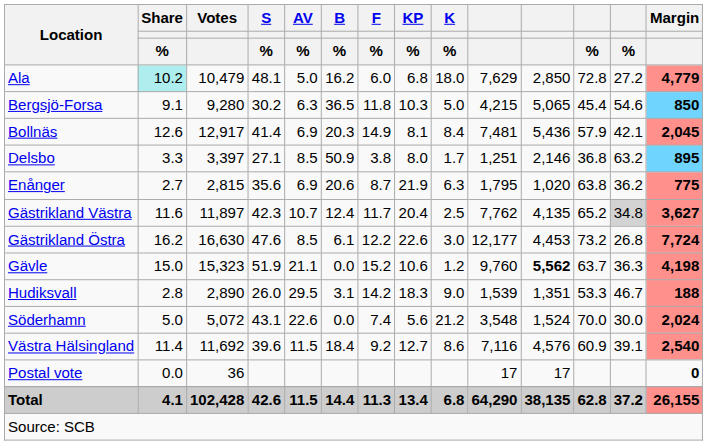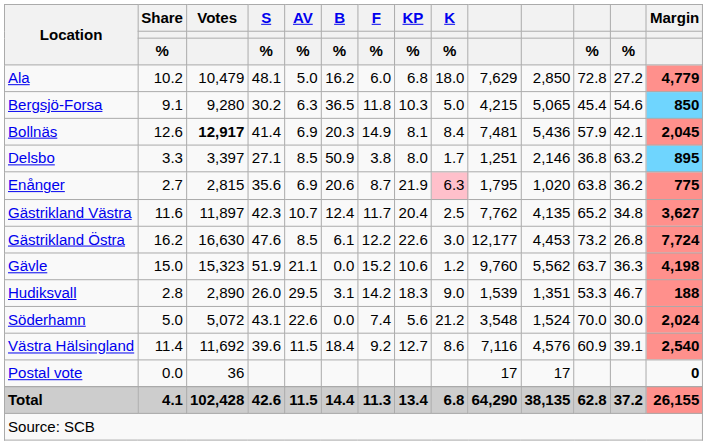 <table class="wikitable sortable" style="text-align:right; font-size:95%; line-height:20px;">
 <tr>
 <th rowspan="3">Location</th>
 <th>Share</th>
 <th>Votes</th>
 <th width="30px" class="unsortable"><a href='#'>S</a></th>
 <th width="30px" class="unsortable"><a href='#'>AV</a></th>
 <th width="30px" class="unsortable"><a href='#'>B</a></th>
 <th width="30px" class="unsortable"><a href='#'>F</a></th>
 <th width="30px" class="unsortable"><a href='#'>KP</a></th>
 <th width="30px" class="unsortable"><a href='#'>K</a></th>
 <th></th>
 <th></th>
 <th></th>
 <th></th>
 <th>Margin</th>
 </tr>
 <tr>
 <th></th>
 <th></th>
 <th style="background:"></th>
 <th style="background:"></th>
 <th style="background:"></th>
 <th style="background:"></th>
 <th style="background:"></th>
 <th style="background:"></th>
 <th style="background:"></th>
 <th style="background:"></th>
 <th style="background:"></th>
 <th style="background:"></th>
 <th></th>
 </tr>
 <tr>
 <th data-sort-type="number">%</th>
 <th></th>
 <th data-sort-type="number">%</th>
 <th data-sort-type="number">%</th>
 <th data-sort-type="number">%</th>
 <th data-sort-type="number">%</th>
 <th data-sort-type="number">%</th>
 <th data-sort-type="number">%</th>
 <th></th>
 <th></th>
 <th data-sort-type="number">%</th>
 <th data-sort-type="number">%</th>
 <th></th>
 </tr>
 <tr>
 <td align=left><a href='#'>Ala</a></td>
-<td style="background: paleturquoise;">10.2</td>
+<td>10.2</td>
 <td>10,479</td>
 <td>48.1</td>
 <td>5.0</td>
 <td>16.2</td>
 <td>6.0</td>
 <td>6.8</td>
 <td>18.0</td>
 <td>7,629</td>
 <td>2,850</td>
 <td>72.8</td>
 <td>27.2</td>
 <td bgcolor=#ff908c><strong>4,779</strong></td>
 </tr>
 <tr>
 <td align=left><a href='#'>Bergsjö-Forsa</a></td>
 <td>9.1</td>
 <td>9,280</td>
 <td>30.2</td>
 <td>6.3</td>
 <td>36.5</td>
 <td>11.8</td>
 <td>10.3</td>
 <td>5.0</td>
 <td>4,215</td>
 <td>5,065</td>
 <td>45.4</td>
 <td>54.6</td>
 <td bgcolor=#6fd5fe><strong>850</strong></td>
 </tr>
 <tr>
 <td align=left><a href='#'>Bollnäs</a></td>
 <td>12.6</td>
-<td>12,917</td>
+<td><strong>12,917</strong></td>
 <td>41.4</td>
 <td>6.9</td>
 <td>20.3</td>
 <td>14.9</td>
 <td>8.1</td>
 <td>8.4</td>
 <td>7,481</td>
 <td>5,436</td>
 <td>57.9</td>
 <td>42.1</td>
 <td bgcolor=#ff908c><strong>2,045</strong></td>
 </tr>
 <tr>
 <td align=left><a href='#'>Delsbo</a></td>
 <td>3.3</td>
 <td>3,397</td>
 <td>27.1</td>
 <td>8.5</td>
 <td>50.9</td>
 <td>3.8</td>
 <td>8.0</td>
 <td>1.7</td>
 <td>1,251</td>
 <td>2,146</td>
 <td>36.8</td>
 <td>63.2</td>
 <td bgcolor=#6fd5fe><strong>895</strong></td>
 </tr>
 <tr>
 <td align=left><a href='#'>Enånger</a></td>
 <td>2.7</td>
 <td>2,815</td>
 <td>35.6</td>
 <td>6.9</td>
 <td>20.6</td>
 <td>8.7</td>
 <td>21.9</td>
-<td>6.3</td>
+<td style="background: pink;">6.3</td>
 <td>1,795</td>
 <td>1,020</td>
 <td>63.8</td>
 <td>36.2</td>
 <td bgcolor=#ff908c><strong>775</strong></td>
 </tr>
 <tr>
 <td align=left><a href='#'>Gästrikland Västra</a></td>
 <td>11.6</td>
 <td>11,897</td>
 <td>42.3</td>
 <td>10.7</td>
 <td>12.4</td>
 <td>11.7</td>
 <td>20.4</td>
 <td>2.5</td>
 <td>7,762</td>
 <td>4,135</td>
 <td>65.2</td>
-<td style="background: lightgrey;">34.8</td>
+<td>34.8</td>
 <td bgcolor=#ff908c><strong>3,627</strong></td>
 </tr>
 <tr>
 <td align=left><a href='#'>Gästrikland Östra</a></td>
 <td>16.2</td>
 <td>16,630</td>
 <td>47.6</td>
 <td>8.5</td>
 <td>6.1</td>
 <td>12.2</td>
 <td>22.6</td>
 <td>3.0</td>
 <td>12,177</td>
 <td>4,453</td>
 <td>73.2</td>
 <td>26.8</td>
 <td bgcolor=#ff908c><strong>7,724</strong></td>
 </tr>
 <tr>
 <td align=left><a href='#'>Gävle</a></td>
 <td>15.0</td>
 <td>15,323</td>
 <td>51.9</td>
 <td>21.1</td>
 <td>0.0</td>
 <td>15.2</td>
 <td>10.6</td>
 <td>1.2</td>
 <td>9,760</td>
-<td><strong>5,562</strong></td>
+<td>5,562</td>
 <td>63.7</td>
 <td>36.3</td>
 <td bgcolor=#ff908c><strong>4,198</strong></td>
 </tr>
 <tr>
 <td align=left><a href='#'>Hudiksvall</a></td>
 <td>2.8</td>
 <td>2,890</td>
 <td>26.0</td>
 <td>29.5</td>
 <td>3.1</td>
 <td>14.2</td>
 <td>18.3</td>
 <td>9.0</td>
 <td>1,539</td>
 <td>1,351</td>
 <td>53.3</td>
 <td>46.7</td>
 <td bgcolor=#ff908c><strong>188</strong></td>
 </tr>
 <tr>
 <td align=left><a href='#'>Söderhamn</a></td>
 <td>5.0</td>
 <td>5,072</td>
 <td>43.1</td>
 <td>22.6</td>
 <td>0.0</td>
 <td>7.4</td>
 <td>5.6</td>
 <td>21.2</td>
 <td>3,548</td>
 <td>1,524</td>
 <td>70.0</td>
 <td>30.0</td>
 <td bgcolor=#ff908c><strong>2,024</strong></td>
 </tr>
 <tr>
 <td align=left><a href='#'>Västra Hälsingland</a></td>
 <td>11.4</td>
 <td>11,692</td>
 <td>39.6</td>
 <td>11.5</td>
 <td>18.4</td>
 <td>9.2</td>
 <td>12.7</td>
 <td>8.6</td>
 <td>7,116</td>
 <td>4,576</td>
 <td>60.9</td>
 <td>39.1</td>
 <td bgcolor=#ff908c><strong>2,540</strong></td>
 </tr>
 <tr>
 <td align=left><a href='#'>Postal vote</a></td>
 <td>0.0</td>
 <td>36</td>
 <td></td>
 <td></td>
 <td></td>
 <td></td>
 <td></td>
 <td></td>
 <td>17</td>
 <td>17</td>
 <td></td>
 <td></td>
 <td><strong>0</strong></td>
 </tr>
 <tr>
 </tr>
 <tr style="background:#CDCDCD;">
 <td align=left><strong>Total</strong></td>
 <td><strong>4.1</strong></td>
 <td><strong>102,428</strong></td>
 <td><strong>42.6</strong></td>
 <td><strong>11.5</strong></td>
 <td><strong>14.4</strong></td>
 <td><strong>11.3</strong></td>
 <td><strong>13.4</strong></td>
 <td><strong>6.8</strong></td>
 <td><strong>64,290</strong></td>
 <td><strong>38,135</strong></td>
 <td><strong>62.8</strong></td>
 <td><strong>37.2</strong></td>
 <td bgcolor=#ff908c><strong>26,155</strong></td>
 </tr>
 <tr>
 <td align=left colspan=14>Source: SCB </td>
 </tr>
 </table>
